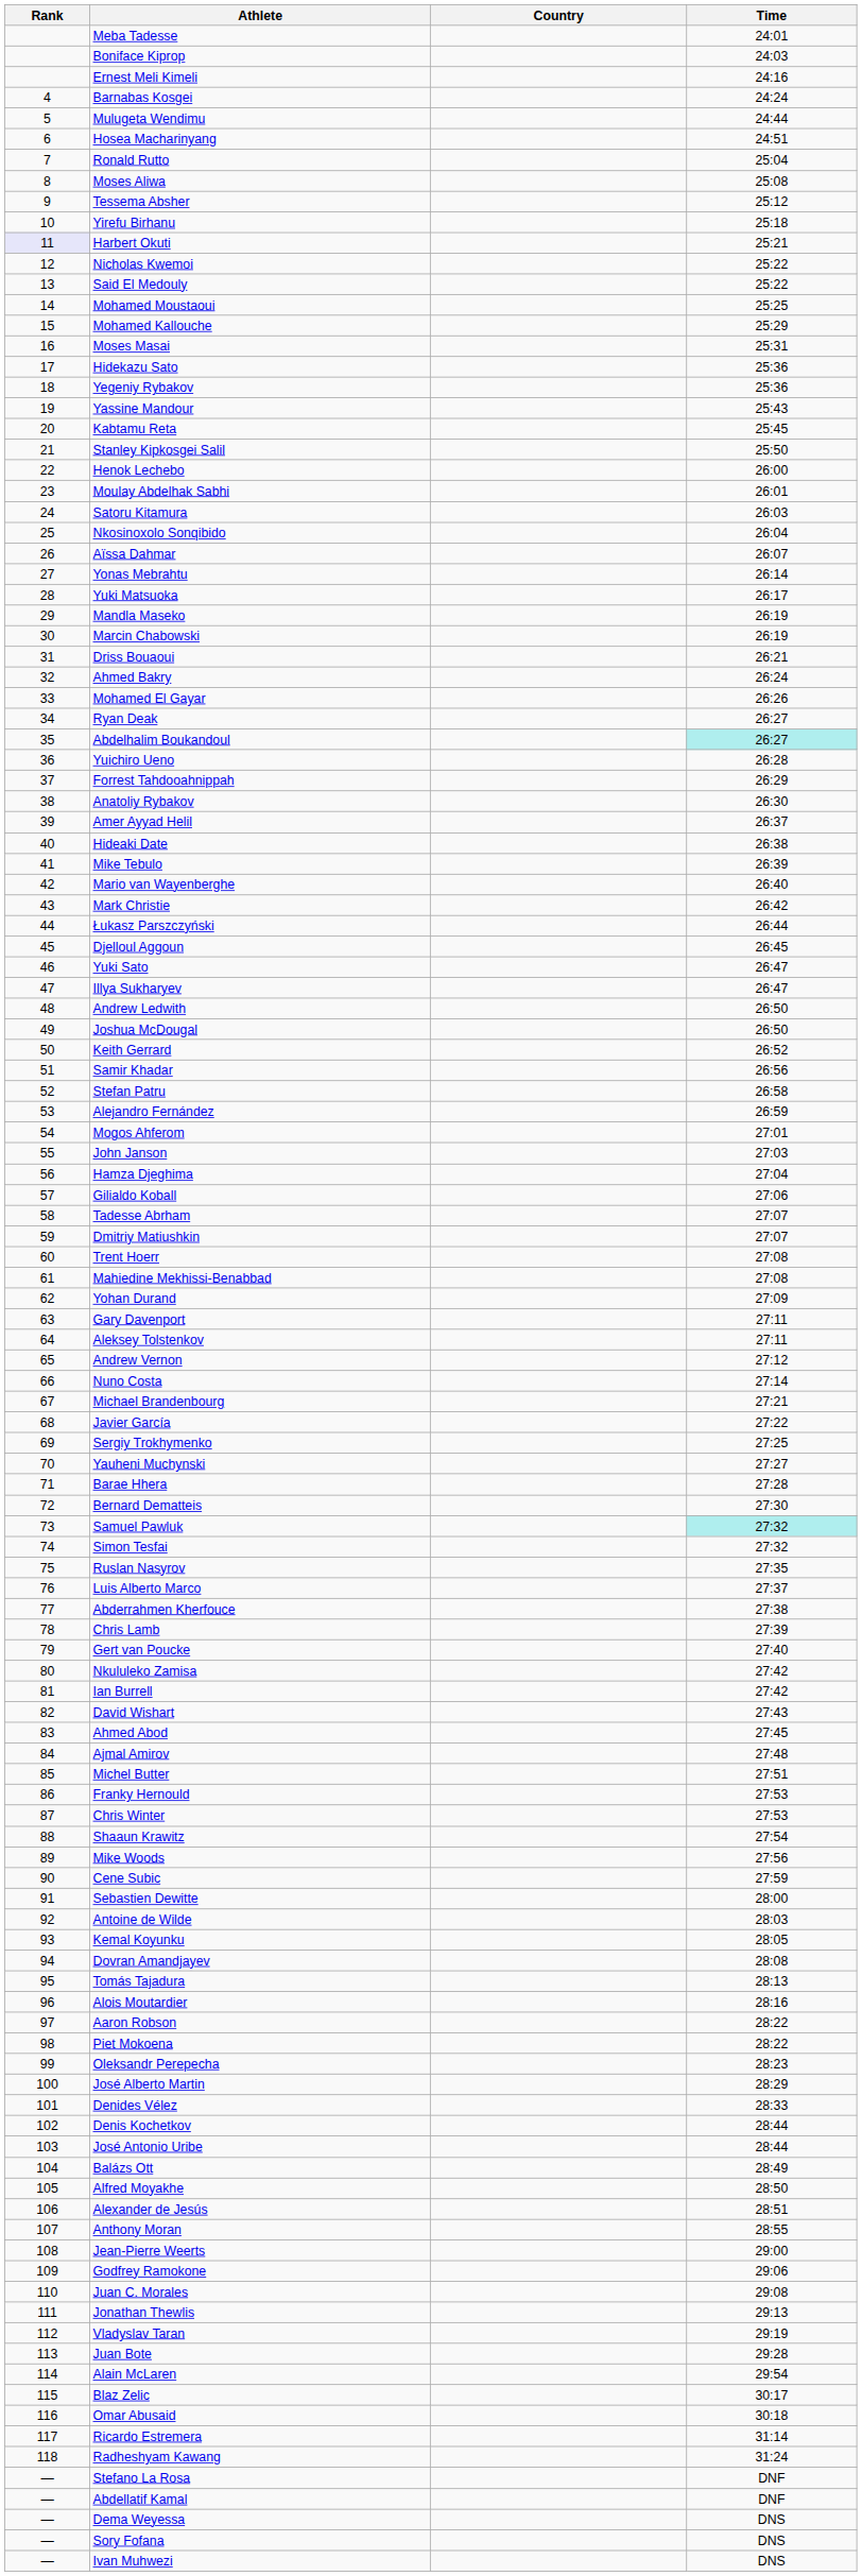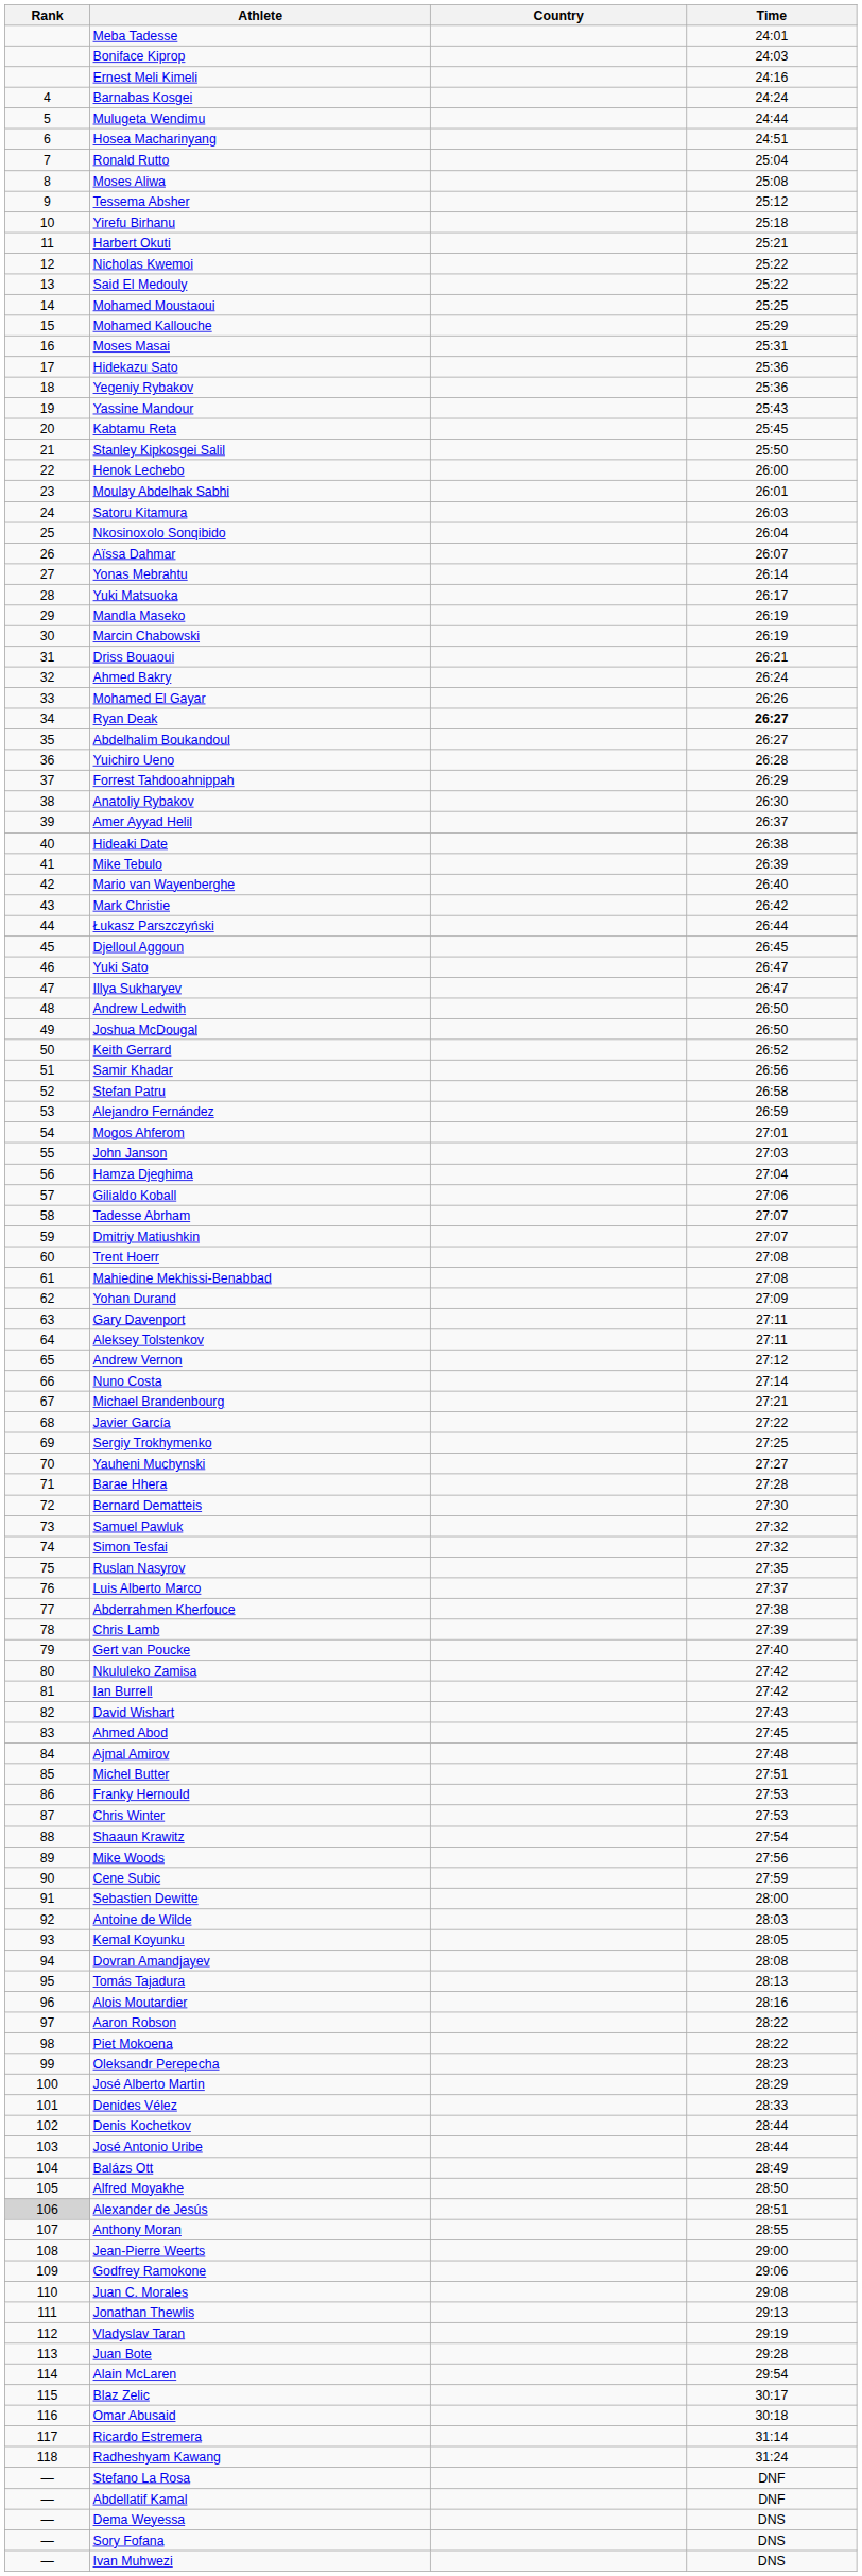 <table class="wikitable sortable" style=" text-align:center; font-size:95%;" width="50%">
 <tr>
 <th width=5%>Rank</th>
 <th width=20%>Athlete</th>
 <th width=15%>Country</th>
 <th width=10%>Time</th>
 </tr>
 <tr>
 <td align=center></td>
 <td align=left><a href='#'>Meba Tadesse</a></td>
 <td align=left></td>
 <td>24:01</td>
 </tr>
 <tr>
 <td align=center></td>
 <td align=left><a href='#'>Boniface Kiprop</a></td>
 <td align=left></td>
 <td>24:03</td>
 </tr>
 <tr>
 <td align=center></td>
 <td align=left><a href='#'>Ernest Meli Kimeli</a></td>
 <td align=left></td>
 <td>24:16</td>
 </tr>
 <tr>
 <td align=center>4</td>
 <td align=left><a href='#'>Barnabas Kosgei</a></td>
 <td align=left></td>
 <td>24:24</td>
 </tr>
 <tr>
 <td align=center>5</td>
 <td align=left><a href='#'>Mulugeta Wendimu</a></td>
 <td align=left></td>
 <td>24:44</td>
 </tr>
 <tr>
 <td align=center>6</td>
 <td align=left><a href='#'>Hosea Macharinyang</a></td>
 <td align=left></td>
 <td>24:51</td>
 </tr>
 <tr>
 <td align=center>7</td>
 <td align=left><a href='#'>Ronald Rutto</a></td>
 <td align=left></td>
 <td>25:04</td>
 </tr>
 <tr>
 <td align=center>8</td>
 <td align=left><a href='#'>Moses Aliwa</a></td>
 <td align=left></td>
 <td>25:08</td>
 </tr>
 <tr>
 <td align=center>9</td>
 <td align=left><a href='#'>Tessema Absher</a></td>
 <td align=left></td>
 <td>25:12</td>
 </tr>
 <tr>
 <td align=center>10</td>
 <td align=left><a href='#'>Yirefu Birhanu</a></td>
 <td align=left></td>
 <td>25:18</td>
 </tr>
 <tr>
-<td align=center style="background: lavender;">11</td>
+<td align=center>11</td>
 <td align=left><a href='#'>Harbert Okuti</a></td>
 <td align=left></td>
 <td>25:21</td>
 </tr>
 <tr>
 <td align=center>12</td>
 <td align=left><a href='#'>Nicholas Kwemoi</a></td>
 <td align=left></td>
 <td>25:22</td>
 </tr>
 <tr>
 <td align=center>13</td>
 <td align=left><a href='#'>Said El Medouly</a></td>
 <td align=left></td>
 <td>25:22</td>
 </tr>
 <tr>
 <td align=center>14</td>
 <td align=left><a href='#'>Mohamed Moustaoui</a></td>
 <td align=left></td>
 <td>25:25</td>
 </tr>
 <tr>
 <td align=center>15</td>
 <td align=left><a href='#'>Mohamed Kallouche</a></td>
 <td align=left></td>
 <td>25:29</td>
 </tr>
 <tr>
 <td align=center>16</td>
 <td align=left><a href='#'>Moses Masai</a></td>
 <td align=left></td>
 <td>25:31</td>
 </tr>
 <tr>
 <td align=center>17</td>
 <td align=left><a href='#'>Hidekazu Sato</a></td>
 <td align=left></td>
 <td>25:36</td>
 </tr>
 <tr>
 <td align=center>18</td>
 <td align=left><a href='#'>Yegeniy Rybakov</a></td>
 <td align=left></td>
 <td>25:36</td>
 </tr>
 <tr>
 <td align=center>19</td>
 <td align=left><a href='#'>Yassine Mandour</a></td>
 <td align=left></td>
 <td>25:43</td>
 </tr>
 <tr>
 <td align=center>20</td>
 <td align=left><a href='#'>Kabtamu Reta</a></td>
 <td align=left></td>
 <td>25:45</td>
 </tr>
 <tr>
 <td align=center>21</td>
 <td align=left><a href='#'>Stanley Kipkosgei Salil</a></td>
 <td align=left></td>
 <td>25:50</td>
 </tr>
 <tr>
 <td align=center>22</td>
 <td align=left><a href='#'>Henok Lechebo</a></td>
 <td align=left></td>
 <td>26:00</td>
 </tr>
 <tr>
 <td align=center>23</td>
 <td align=left><a href='#'>Moulay Abdelhak Sabhi</a></td>
 <td align=left></td>
 <td>26:01</td>
 </tr>
 <tr>
 <td align=center>24</td>
 <td align=left><a href='#'>Satoru Kitamura</a></td>
 <td align=left></td>
 <td>26:03</td>
 </tr>
 <tr>
 <td align=center>25</td>
 <td align=left><a href='#'>Nkosinoxolo Sonqibido</a></td>
 <td align=left></td>
 <td>26:04</td>
 </tr>
 <tr>
 <td align=center>26</td>
 <td align=left><a href='#'>Aïssa Dahmar</a></td>
 <td align=left></td>
 <td>26:07</td>
 </tr>
 <tr>
 <td align=center>27</td>
 <td align=left><a href='#'>Yonas Mebrahtu</a></td>
 <td align=left></td>
 <td>26:14</td>
 </tr>
 <tr>
 <td align=center>28</td>
 <td align=left><a href='#'>Yuki Matsuoka</a></td>
 <td align=left></td>
 <td>26:17</td>
 </tr>
 <tr>
 <td align=center>29</td>
 <td align=left><a href='#'>Mandla Maseko</a></td>
 <td align=left></td>
 <td>26:19</td>
 </tr>
 <tr>
 <td align=center>30</td>
 <td align=left><a href='#'>Marcin Chabowski</a></td>
 <td align=left></td>
 <td>26:19</td>
 </tr>
 <tr>
 <td align=center>31</td>
 <td align=left><a href='#'>Driss Bouaoui</a></td>
 <td align=left></td>
 <td>26:21</td>
 </tr>
 <tr>
 <td align=center>32</td>
 <td align=left><a href='#'>Ahmed Bakry</a></td>
 <td align=left></td>
 <td>26:24</td>
 </tr>
 <tr>
 <td align=center>33</td>
 <td align=left><a href='#'>Mohamed El Gayar</a></td>
 <td align=left></td>
 <td>26:26</td>
 </tr>
 <tr>
 <td align=center>34</td>
 <td align=left><a href='#'>Ryan Deak</a></td>
 <td align=left></td>
-<td>26:27</td>
+<td><strong>26:27</strong></td>
 </tr>
 <tr>
 <td align=center>35</td>
 <td align=left><a href='#'>Abdelhalim Boukandoul</a></td>
 <td align=left></td>
-<td style="background: paleturquoise;">26:27</td>
+<td>26:27</td>
 </tr>
 <tr>
 <td align=center>36</td>
 <td align=left><a href='#'>Yuichiro Ueno</a></td>
 <td align=left></td>
 <td>26:28</td>
 </tr>
 <tr>
 <td align=center>37</td>
 <td align=left><a href='#'>Forrest Tahdooahnippah</a></td>
 <td align=left></td>
 <td>26:29</td>
 </tr>
 <tr>
 <td align=center>38</td>
 <td align=left><a href='#'>Anatoliy Rybakov</a></td>
 <td align=left></td>
 <td>26:30</td>
 </tr>
 <tr>
 <td align=center>39</td>
 <td align=left><a href='#'>Amer Ayyad Helil</a></td>
 <td align=left></td>
 <td>26:37</td>
 </tr>
 <tr>
 <td align=center>40</td>
 <td align=left><a href='#'>Hideaki Date</a></td>
 <td align=left></td>
 <td>26:38</td>
 </tr>
 <tr>
 <td align=center>41</td>
 <td align=left><a href='#'>Mike Tebulo</a></td>
 <td align=left></td>
 <td>26:39</td>
 </tr>
 <tr>
 <td align=center>42</td>
 <td align=left><a href='#'>Mario van Wayenberghe</a></td>
 <td align=left></td>
 <td>26:40</td>
 </tr>
 <tr>
 <td align=center>43</td>
 <td align=left><a href='#'>Mark Christie</a></td>
 <td align=left></td>
 <td>26:42</td>
 </tr>
 <tr>
 <td align=center>44</td>
 <td align=left><a href='#'>Łukasz Parszczyński</a></td>
 <td align=left></td>
 <td>26:44</td>
 </tr>
 <tr>
 <td align=center>45</td>
 <td align=left><a href='#'>Djelloul Aggoun</a></td>
 <td align=left></td>
 <td>26:45</td>
 </tr>
 <tr>
 <td align=center>46</td>
 <td align=left><a href='#'>Yuki Sato</a></td>
 <td align=left></td>
 <td>26:47</td>
 </tr>
 <tr>
 <td align=center>47</td>
 <td align=left><a href='#'>Illya Sukharyev</a></td>
 <td align=left></td>
 <td>26:47</td>
 </tr>
 <tr>
 <td align=center>48</td>
 <td align=left><a href='#'>Andrew Ledwith</a></td>
 <td align=left></td>
 <td>26:50</td>
 </tr>
 <tr>
 <td align=center>49</td>
 <td align=left><a href='#'>Joshua McDougal</a></td>
 <td align=left></td>
 <td>26:50</td>
 </tr>
 <tr>
 <td align=center>50</td>
 <td align=left><a href='#'>Keith Gerrard</a></td>
 <td align=left></td>
 <td>26:52</td>
 </tr>
 <tr>
 <td align=center>51</td>
 <td align=left><a href='#'>Samir Khadar</a></td>
 <td align=left></td>
 <td>26:56</td>
 </tr>
 <tr>
 <td align=center>52</td>
 <td align=left><a href='#'>Stefan Patru</a></td>
 <td align=left></td>
 <td>26:58</td>
 </tr>
 <tr>
 <td align=center>53</td>
 <td align=left><a href='#'>Alejandro Fernández</a></td>
 <td align=left></td>
 <td>26:59</td>
 </tr>
 <tr>
 <td align=center>54</td>
 <td align=left><a href='#'>Mogos Ahferom</a></td>
 <td align=left></td>
 <td>27:01</td>
 </tr>
 <tr>
 <td align=center>55</td>
 <td align=left><a href='#'>John Janson</a></td>
 <td align=left></td>
 <td>27:03</td>
 </tr>
 <tr>
 <td align=center>56</td>
 <td align=left><a href='#'>Hamza Djeghima</a></td>
 <td align=left></td>
 <td>27:04</td>
 </tr>
 <tr>
 <td align=center>57</td>
 <td align=left><a href='#'>Gilialdo Koball</a></td>
 <td align=left></td>
 <td>27:06</td>
 </tr>
 <tr>
 <td align=center>58</td>
 <td align=left><a href='#'>Tadesse Abrham</a></td>
 <td align=left></td>
 <td>27:07</td>
 </tr>
 <tr>
 <td align=center>59</td>
 <td align=left><a href='#'>Dmitriy Matiushkin</a></td>
 <td align=left></td>
 <td>27:07</td>
 </tr>
 <tr>
 <td align=center>60</td>
 <td align=left><a href='#'>Trent Hoerr</a></td>
 <td align=left></td>
 <td>27:08</td>
 </tr>
 <tr>
 <td align=center>61</td>
 <td align=left><a href='#'>Mahiedine Mekhissi-Benabbad</a></td>
 <td align=left></td>
 <td>27:08</td>
 </tr>
 <tr>
 <td align=center>62</td>
 <td align=left><a href='#'>Yohan Durand</a></td>
 <td align=left></td>
 <td>27:09</td>
 </tr>
 <tr>
 <td align=center>63</td>
 <td align=left><a href='#'>Gary Davenport</a></td>
 <td align=left></td>
 <td>27:11</td>
 </tr>
 <tr>
 <td align=center>64</td>
 <td align=left><a href='#'>Aleksey Tolstenkov</a></td>
 <td align=left></td>
 <td>27:11</td>
 </tr>
 <tr>
 <td align=center>65</td>
 <td align=left><a href='#'>Andrew Vernon</a></td>
 <td align=left></td>
 <td>27:12</td>
 </tr>
 <tr>
 <td align=center>66</td>
 <td align=left><a href='#'>Nuno Costa</a></td>
 <td align=left></td>
 <td>27:14</td>
 </tr>
 <tr>
 <td align=center>67</td>
 <td align=left><a href='#'>Michael Brandenbourg</a></td>
 <td align=left></td>
 <td>27:21</td>
 </tr>
 <tr>
 <td align=center>68</td>
 <td align=left><a href='#'>Javier García</a></td>
 <td align=left></td>
 <td>27:22</td>
 </tr>
 <tr>
 <td align=center>69</td>
 <td align=left><a href='#'>Sergiy Trokhymenko</a></td>
 <td align=left></td>
 <td>27:25</td>
 </tr>
 <tr>
 <td align=center>70</td>
 <td align=left><a href='#'>Yauheni Muchynski</a></td>
 <td align=left></td>
 <td>27:27</td>
 </tr>
 <tr>
 <td align=center>71</td>
 <td align=left><a href='#'>Barae Hhera</a></td>
 <td align=left></td>
 <td>27:28</td>
 </tr>
 <tr>
 <td align=center>72</td>
 <td align=left><a href='#'>Bernard Dematteis</a></td>
 <td align=left></td>
 <td>27:30</td>
 </tr>
 <tr>
 <td align=center>73</td>
 <td align=left><a href='#'>Samuel Pawluk</a></td>
 <td align=left></td>
-<td style="background: paleturquoise;">27:32</td>
+<td>27:32</td>
 </tr>
 <tr>
 <td align=center>74</td>
 <td align=left><a href='#'>Simon Tesfai</a></td>
 <td align=left></td>
 <td>27:32</td>
 </tr>
 <tr>
 <td align=center>75</td>
 <td align=left><a href='#'>Ruslan Nasyrov</a></td>
 <td align=left></td>
 <td>27:35</td>
 </tr>
 <tr>
 <td align=center>76</td>
 <td align=left><a href='#'>Luis Alberto Marco</a></td>
 <td align=left></td>
 <td>27:37</td>
 </tr>
 <tr>
 <td align=center>77</td>
 <td align=left><a href='#'>Abderrahmen Kherfouce</a></td>
 <td align=left></td>
 <td>27:38</td>
 </tr>
 <tr>
 <td align=center>78</td>
 <td align=left><a href='#'>Chris Lamb</a></td>
 <td align=left></td>
 <td>27:39</td>
 </tr>
 <tr>
 <td align=center>79</td>
 <td align=left><a href='#'>Gert van Poucke</a></td>
 <td align=left></td>
 <td>27:40</td>
 </tr>
 <tr>
 <td align=center>80</td>
 <td align=left><a href='#'>Nkululeko Zamisa</a></td>
 <td align=left></td>
 <td>27:42</td>
 </tr>
 <tr>
 <td align=center>81</td>
 <td align=left><a href='#'>Ian Burrell</a></td>
 <td align=left></td>
 <td>27:42</td>
 </tr>
 <tr>
 <td align=center>82</td>
 <td align=left><a href='#'>David Wishart</a></td>
 <td align=left></td>
 <td>27:43</td>
 </tr>
 <tr>
 <td align=center>83</td>
 <td align=left><a href='#'>Ahmed Abod</a></td>
 <td align=left></td>
 <td>27:45</td>
 </tr>
 <tr>
 <td align=center>84</td>
 <td align=left><a href='#'>Ajmal Amirov</a></td>
 <td align=left></td>
 <td>27:48</td>
 </tr>
 <tr>
 <td align=center>85</td>
 <td align=left><a href='#'>Michel Butter</a></td>
 <td align=left></td>
 <td>27:51</td>
 </tr>
 <tr>
 <td align=center>86</td>
 <td align=left><a href='#'>Franky Hernould</a></td>
 <td align=left></td>
 <td>27:53</td>
 </tr>
 <tr>
 <td align=center>87</td>
 <td align=left><a href='#'>Chris Winter</a></td>
 <td align=left></td>
 <td>27:53</td>
 </tr>
 <tr>
 <td align=center>88</td>
 <td align=left><a href='#'>Shaaun Krawitz</a></td>
 <td align=left></td>
 <td>27:54</td>
 </tr>
 <tr>
 <td align=center>89</td>
 <td align=left><a href='#'>Mike Woods</a></td>
 <td align=left></td>
 <td>27:56</td>
 </tr>
 <tr>
 <td align=center>90</td>
 <td align=left><a href='#'>Cene Subic</a></td>
 <td align=left></td>
 <td>27:59</td>
 </tr>
 <tr>
 <td align=center>91</td>
 <td align=left><a href='#'>Sebastien Dewitte</a></td>
 <td align=left></td>
 <td>28:00</td>
 </tr>
 <tr>
 <td align=center>92</td>
 <td align=left><a href='#'>Antoine de Wilde</a></td>
 <td align=left></td>
 <td>28:03</td>
 </tr>
 <tr>
 <td align=center>93</td>
 <td align=left><a href='#'>Kemal Koyunku</a></td>
 <td align=left></td>
 <td>28:05</td>
 </tr>
 <tr>
 <td align=center>94</td>
 <td align=left><a href='#'>Dovran Amandjayev</a></td>
 <td align=left></td>
 <td>28:08</td>
 </tr>
 <tr>
 <td align=center>95</td>
 <td align=left><a href='#'>Tomás Tajadura</a></td>
 <td align=left></td>
 <td>28:13</td>
 </tr>
 <tr>
 <td align=center>96</td>
 <td align=left><a href='#'>Alois Moutardier</a></td>
 <td align=left></td>
 <td>28:16</td>
 </tr>
 <tr>
 <td align=center>97</td>
 <td align=left><a href='#'>Aaron Robson</a></td>
 <td align=left></td>
 <td>28:22</td>
 </tr>
 <tr>
 <td align=center>98</td>
 <td align=left><a href='#'>Piet Mokoena</a></td>
 <td align=left></td>
 <td>28:22</td>
 </tr>
 <tr>
 <td align=center>99</td>
 <td align=left><a href='#'>Oleksandr Perepecha</a></td>
 <td align=left></td>
 <td>28:23</td>
 </tr>
 <tr>
 <td align=center>100</td>
 <td align=left><a href='#'>José Alberto Martin</a></td>
 <td align=left></td>
 <td>28:29</td>
 </tr>
 <tr>
 <td align=center>101</td>
 <td align=left><a href='#'>Denides Vélez</a></td>
 <td align=left></td>
 <td>28:33</td>
 </tr>
 <tr>
 <td align=center>102</td>
 <td align=left><a href='#'>Denis Kochetkov</a></td>
 <td align=left></td>
 <td>28:44</td>
 </tr>
 <tr>
 <td align=center>103</td>
 <td align=left><a href='#'>José Antonio Uribe</a></td>
 <td align=left></td>
 <td>28:44</td>
 </tr>
 <tr>
 <td align=center>104</td>
 <td align=left><a href='#'>Balázs Ott</a></td>
 <td align=left></td>
 <td>28:49</td>
 </tr>
 <tr>
 <td align=center>105</td>
 <td align=left><a href='#'>Alfred Moyakhe</a></td>
 <td align=left></td>
 <td>28:50</td>
 </tr>
 <tr>
-<td align=center>106</td>
+<td align=center style="background: lightgrey;">106</td>
 <td align=left><a href='#'>Alexander de Jesús</a></td>
 <td align=left></td>
 <td>28:51</td>
 </tr>
 <tr>
 <td align=center>107</td>
 <td align=left><a href='#'>Anthony Moran</a></td>
 <td align=left></td>
 <td>28:55</td>
 </tr>
 <tr>
 <td align=center>108</td>
 <td align=left><a href='#'>Jean-Pierre Weerts</a></td>
 <td align=left></td>
 <td>29:00</td>
 </tr>
 <tr>
 <td align=center>109</td>
 <td align=left><a href='#'>Godfrey Ramokone</a></td>
 <td align=left></td>
 <td>29:06</td>
 </tr>
 <tr>
 <td align=center>110</td>
 <td align=left><a href='#'>Juan C. Morales</a></td>
 <td align=left></td>
 <td>29:08</td>
 </tr>
 <tr>
 <td align=center>111</td>
 <td align=left><a href='#'>Jonathan Thewlis</a></td>
 <td align=left></td>
 <td>29:13</td>
 </tr>
 <tr>
 <td align=center>112</td>
 <td align=left><a href='#'>Vladyslav Taran</a></td>
 <td align=left></td>
 <td>29:19</td>
 </tr>
 <tr>
 <td align=center>113</td>
 <td align=left><a href='#'>Juan Bote</a></td>
 <td align=left></td>
 <td>29:28</td>
 </tr>
 <tr>
 <td align=center>114</td>
 <td align=left><a href='#'>Alain McLaren</a></td>
 <td align=left></td>
 <td>29:54</td>
 </tr>
 <tr>
 <td align=center>115</td>
 <td align=left><a href='#'>Blaz Zelic</a></td>
 <td align=left></td>
 <td>30:17</td>
 </tr>
 <tr>
 <td align=center>116</td>
 <td align=left><a href='#'>Omar Abusaid</a></td>
 <td align=left></td>
 <td>30:18</td>
 </tr>
 <tr>
 <td align=center>117</td>
 <td align=left><a href='#'>Ricardo Estremera</a></td>
 <td align=left></td>
 <td>31:14</td>
 </tr>
 <tr>
 <td align=center>118</td>
 <td align=left><a href='#'>Radheshyam Kawang</a></td>
 <td align=left></td>
 <td>31:24</td>
 </tr>
 <tr>
 <td align=center>—</td>
 <td align=left><a href='#'>Stefano La Rosa</a></td>
 <td align=left></td>
 <td>DNF</td>
 </tr>
 <tr>
 <td align=center>—</td>
 <td align=left><a href='#'>Abdellatif Kamal</a></td>
 <td align=left></td>
 <td>DNF</td>
 </tr>
 <tr>
 <td align=center>—</td>
 <td align=left><a href='#'>Dema Weyessa</a></td>
 <td align=left></td>
 <td>DNS</td>
 </tr>
 <tr>
 <td align=center>—</td>
 <td align=left><a href='#'>Sory Fofana</a></td>
 <td align=left></td>
 <td>DNS</td>
 </tr>
 <tr>
 <td align=center>—</td>
 <td align=left><a href='#'>Ivan Muhwezi</a></td>
 <td align=left></td>
 <td>DNS</td>
 </tr>
 </table>
